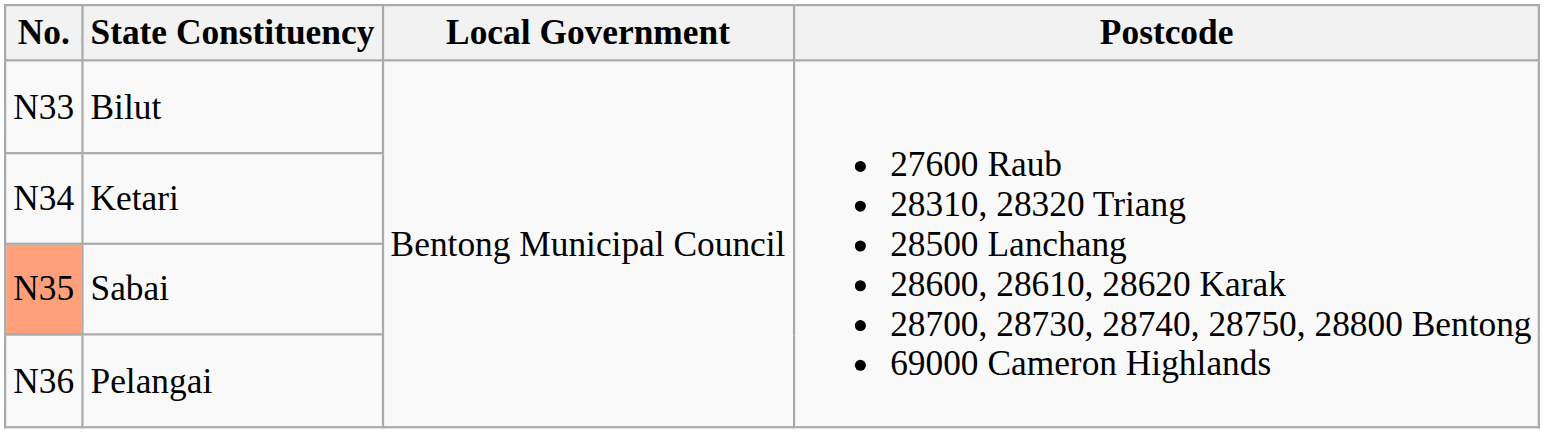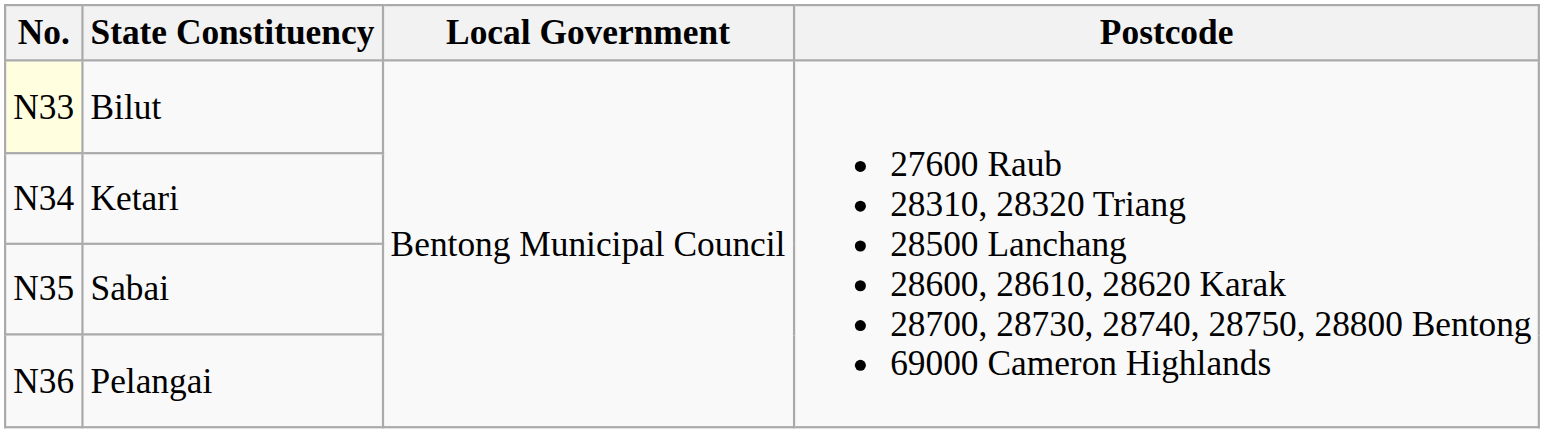 <table class="wikitable">
 <tr>
 <th>No.</th>
 <th>State Constituency</th>
 <th>Local Government</th>
 <th>Postcode</th>
 </tr>
 <tr>
-<td>N33</td>
+<td style="background: lightyellow;">N33</td>
 <td>Bilut</td>
 <td rowspan="4">Bentong Municipal Council</td>
 <td rowspan="4"><br><ul><li>27600 Raub</li><li>28310, 28320 Triang</li><li>28500 Lanchang</li><li>28600, 28610, 28620 Karak</li><li>28700, 28730, 28740, 28750, 28800 Bentong</li><li>69000 Cameron Highlands</li></ul></td>
 </tr>
 <tr>
 <td>N34</td>
 <td>Ketari</td>
 </tr>
 <tr>
-<td style="background: lightsalmon;">N35</td>
+<td>N35</td>
 <td>Sabai</td>
 </tr>
 <tr>
 <td>N36</td>
 <td>Pelangai</td>
 </tr>
 </table>
